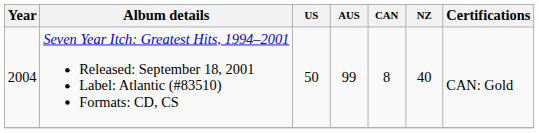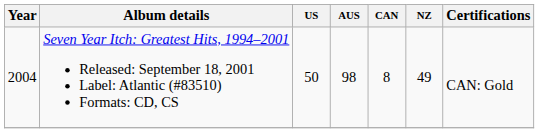 <table class="wikitable">
 <tr>
 <th>Year</th>
 <th>Album details</th>
 <th style="width:3em;font-size:75%">US<br></th>
 <th style="width:3em;font-size:75%">AUS<br></th>
 <th style="width:3em;font-size:75%">CAN<br></th>
 <th style="width:3em;font-size:75%">NZ<br></th>
 <th>Certifications</th>
 </tr>
 <tr>
 <td>2004</td>
 <td align="left"><em><a href='#'>Seven Year Itch: Greatest Hits, 1994–2001</a></em><br><ul><li>Released: September 18, 2001</li><li>Label: Atlantic (#83510)</li><li>Formats: CD, CS</li></ul></td>
 <td align="center">50</td>
-<td align="center">99</td>
+<td align="center">98</td>
 <td align="center">8</td>
-<td align="center">40</td>
+<td align="center">49</td>
 <td><br>CAN: Gold</td>
 </tr>
 <tr>
 </tr>
 </table>
